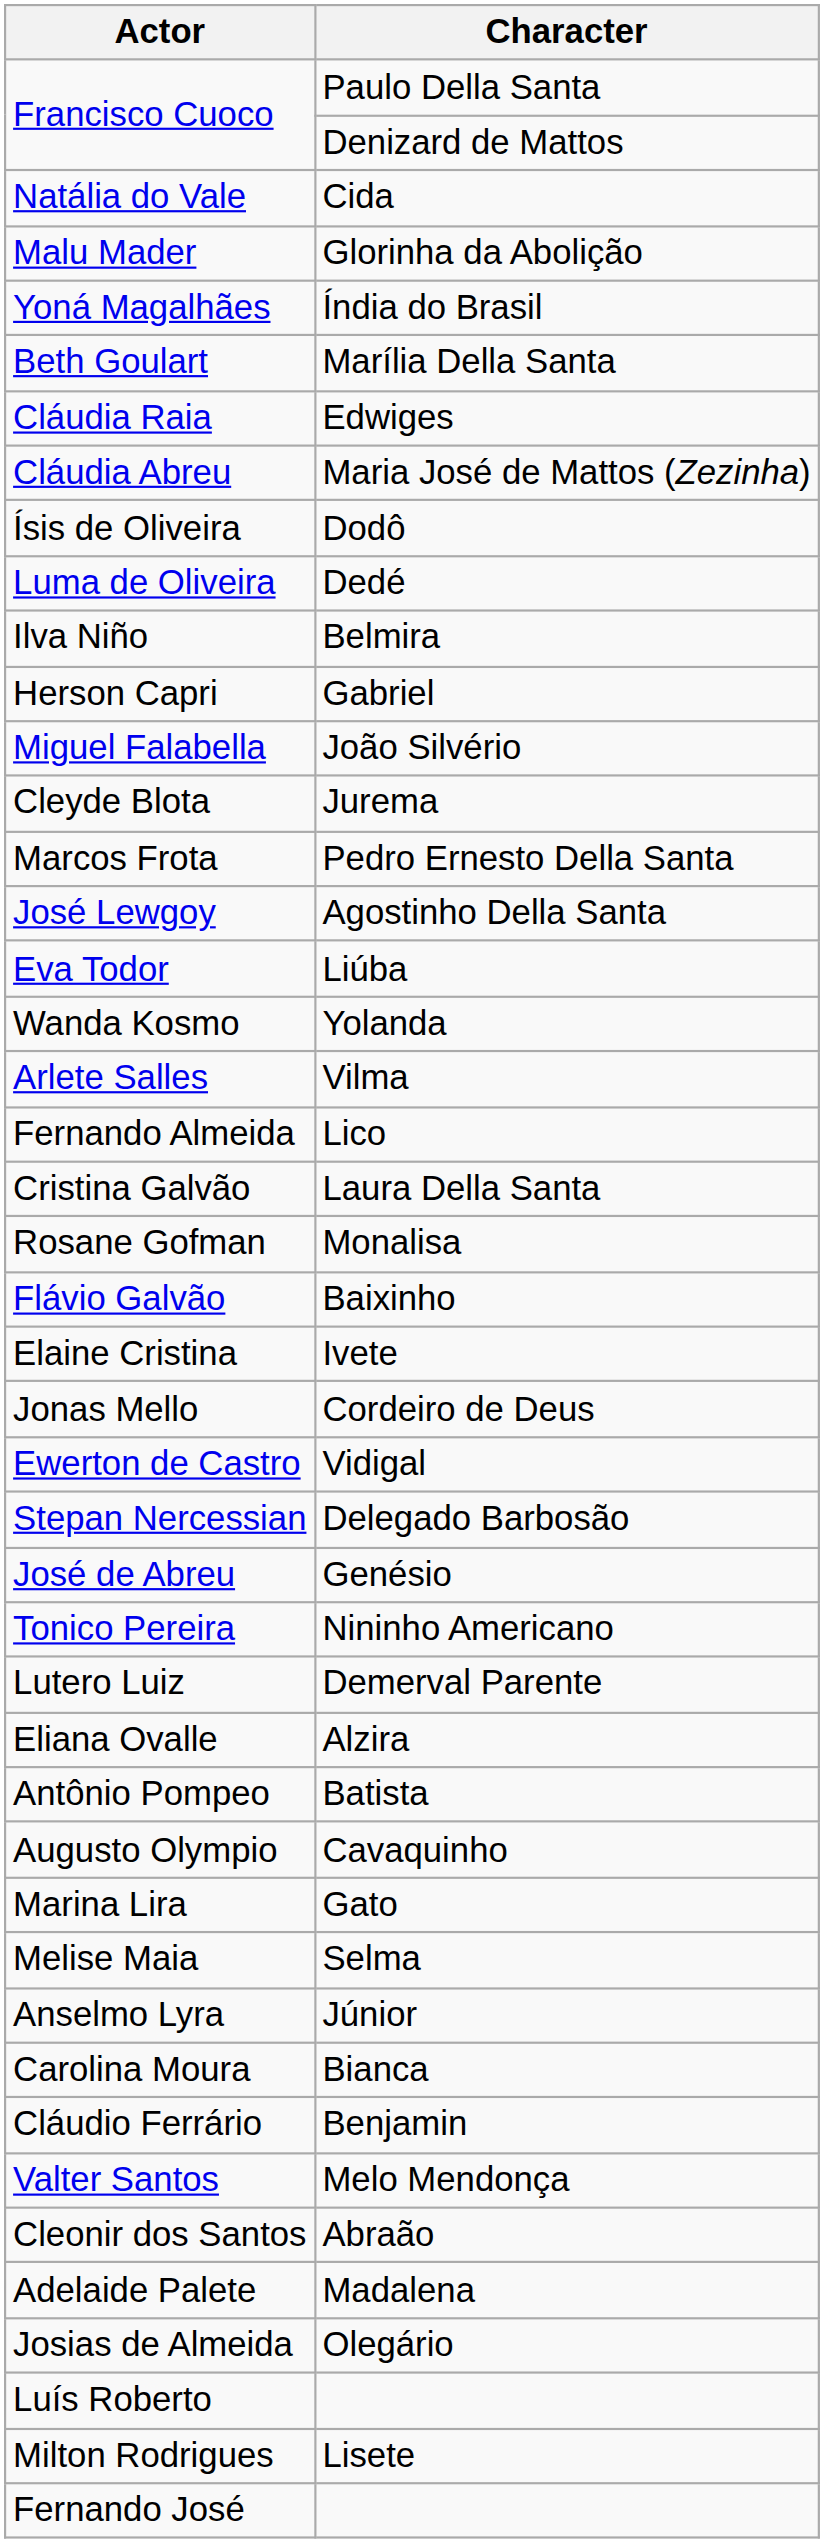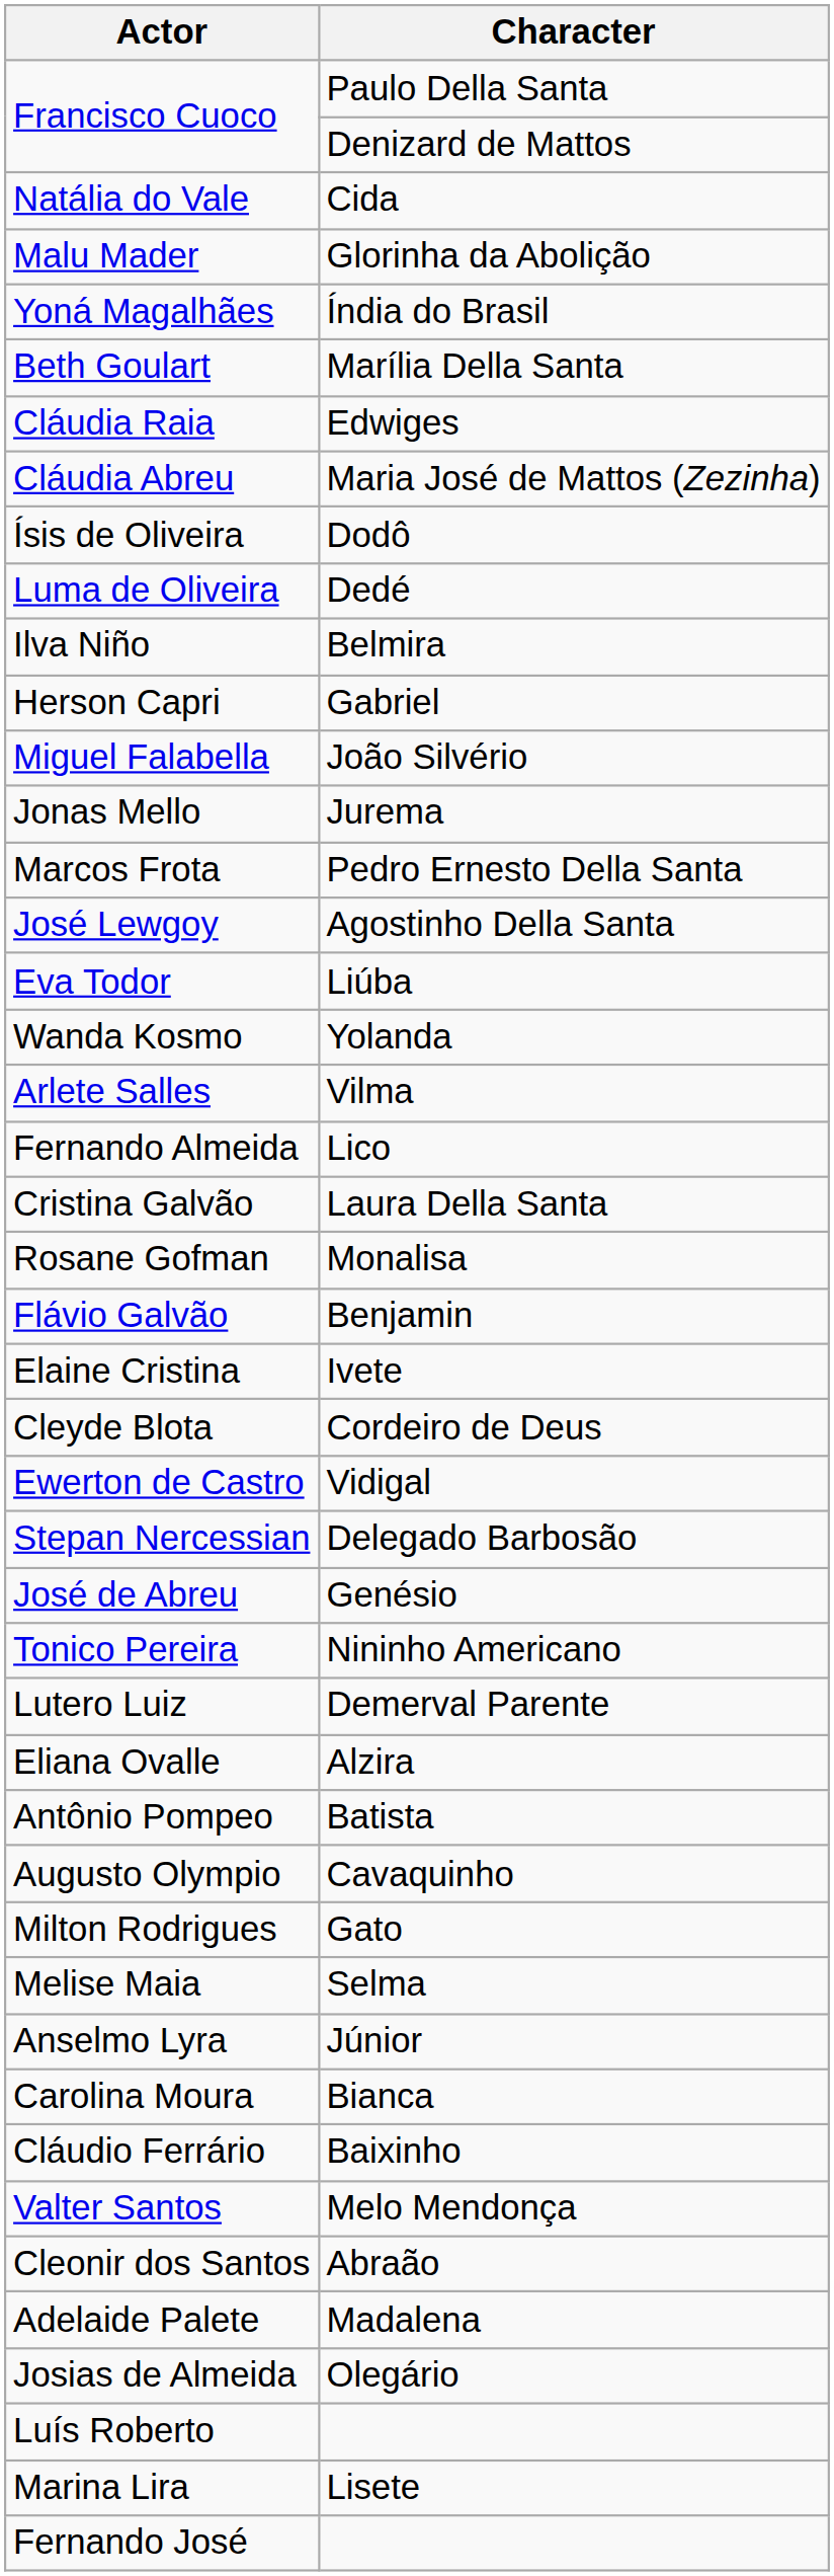 <table class="wikitable">
 <tr>
 <th>Actor</th>
 <th>Character</th>
 </tr>
 <tr>
 <td rowspan=2><a href='#'>Francisco Cuoco</a></td>
 <td>Paulo Della Santa</td>
 </tr>
 <tr>
 <td>Denizard de Mattos</td>
 </tr>
 <tr>
 <td><a href='#'>Natália do Vale</a></td>
 <td>Cida</td>
 </tr>
 <tr>
 <td><a href='#'>Malu Mader</a></td>
 <td>Glorinha da Abolição</td>
 </tr>
 <tr>
 <td><a href='#'>Yoná Magalhães</a></td>
 <td>Índia do Brasil</td>
 </tr>
 <tr>
 <td><a href='#'>Beth Goulart</a></td>
 <td>Marília Della Santa</td>
 </tr>
 <tr>
 <td><a href='#'>Cláudia Raia</a></td>
 <td>Edwiges</td>
 </tr>
 <tr>
 <td><a href='#'>Cláudia Abreu</a></td>
 <td>Maria José de Mattos (<em>Zezinha</em>)</td>
 </tr>
 <tr>
 <td>Ísis de Oliveira</td>
 <td>Dodô</td>
 </tr>
 <tr>
 <td><a href='#'>Luma de Oliveira</a></td>
 <td>Dedé</td>
 </tr>
 <tr>
 <td>Ilva Niño</td>
 <td>Belmira</td>
 </tr>
 <tr>
 <td>Herson Capri</td>
 <td>Gabriel</td>
 </tr>
 <tr>
 <td><a href='#'>Miguel Falabella</a></td>
 <td>João Silvério</td>
 </tr>
 <tr>
-<td>Cleyde Blota</td>
+<td>Jonas Mello</td>
 <td>Jurema</td>
 </tr>
 <tr>
 <td>Marcos Frota</td>
 <td>Pedro Ernesto Della Santa</td>
 </tr>
 <tr>
 <td><a href='#'>José Lewgoy</a></td>
 <td>Agostinho Della Santa</td>
 </tr>
 <tr>
 <td><a href='#'>Eva Todor</a></td>
 <td>Liúba</td>
 </tr>
 <tr>
 <td>Wanda Kosmo</td>
 <td>Yolanda</td>
 </tr>
 <tr>
 <td><a href='#'>Arlete Salles</a></td>
 <td>Vilma</td>
 </tr>
 <tr>
 <td>Fernando Almeida</td>
 <td>Lico</td>
 </tr>
 <tr>
 <td>Cristina Galvão</td>
 <td>Laura Della Santa</td>
 </tr>
 <tr>
 <td>Rosane Gofman</td>
 <td>Monalisa</td>
 </tr>
 <tr>
 <td><a href='#'>Flávio Galvão</a></td>
-<td>Baixinho</td>
+<td>Benjamin</td>
 </tr>
 <tr>
 <td>Elaine Cristina</td>
 <td>Ivete</td>
 </tr>
 <tr>
-<td>Jonas Mello</td>
+<td>Cleyde Blota</td>
 <td>Cordeiro de Deus</td>
 </tr>
 <tr>
 <td><a href='#'>Ewerton de Castro</a></td>
 <td>Vidigal</td>
 </tr>
 <tr>
 <td><a href='#'>Stepan Nercessian</a></td>
 <td>Delegado Barbosão</td>
 </tr>
 <tr>
 <td><a href='#'>José de Abreu</a></td>
 <td>Genésio</td>
 </tr>
 <tr>
 <td><a href='#'>Tonico Pereira</a></td>
 <td>Nininho Americano</td>
 </tr>
 <tr>
 <td>Lutero Luiz</td>
 <td>Demerval Parente</td>
 </tr>
 <tr>
 <td>Eliana Ovalle</td>
 <td>Alzira</td>
 </tr>
 <tr>
 <td>Antônio Pompeo</td>
 <td>Batista</td>
 </tr>
 <tr>
 <td>Augusto Olympio</td>
 <td>Cavaquinho</td>
 </tr>
 <tr>
-<td>Marina Lira</td>
+<td>Milton Rodrigues</td>
 <td>Gato</td>
 </tr>
 <tr>
 <td>Melise Maia</td>
 <td>Selma</td>
 </tr>
 <tr>
 <td>Anselmo Lyra</td>
 <td>Júnior</td>
 </tr>
 <tr>
 <td>Carolina Moura</td>
 <td>Bianca</td>
 </tr>
 <tr>
 <td>Cláudio Ferrário</td>
-<td>Benjamin</td>
+<td>Baixinho</td>
 </tr>
 <tr>
 <td><a href='#'>Valter Santos</a></td>
 <td>Melo Mendonça</td>
 </tr>
 <tr>
 <td>Cleonir dos Santos</td>
 <td>Abraão</td>
 </tr>
 <tr>
 <td>Adelaide Palete</td>
 <td>Madalena</td>
 </tr>
 <tr>
 <td>Josias de Almeida</td>
 <td>Olegário</td>
 </tr>
 <tr>
 <td>Luís Roberto</td>
 <td></td>
 </tr>
 <tr>
-<td>Milton Rodrigues</td>
+<td>Marina Lira</td>
 <td>Lisete</td>
 </tr>
 <tr>
 <td>Fernando José</td>
 <td></td>
 </tr>
 </table>
